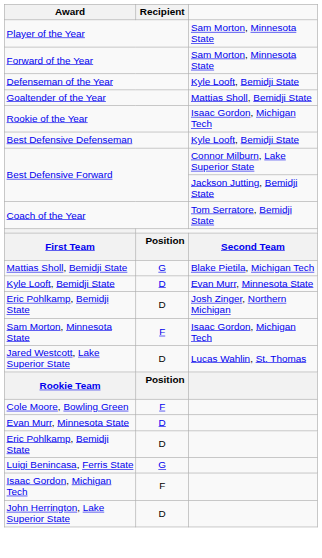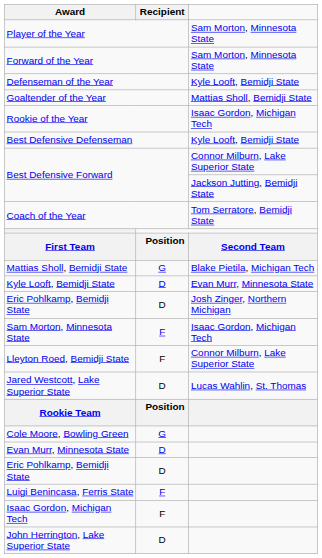 <table class="wikitable" width=40%>
 <tr>
 <th>Award</th>
 <th>Recipient</th>
 </tr>
 <tr>
 <td colspan=2><a href='#'>Player of the Year</a></td>
 <td><a href='#'>Sam Morton</a>, <a href='#'>Minnesota State</a></td>
 </tr>
 <tr>
 <td colspan=2><a href='#'>Forward of the Year</a></td>
 <td><a href='#'>Sam Morton</a>, <a href='#'>Minnesota State</a></td>
 </tr>
 <tr>
 <td colspan=2><a href='#'>Defenseman of the Year</a></td>
 <td><a href='#'>Kyle Looft</a>, <a href='#'>Bemidji State</a></td>
 </tr>
 <tr>
 <td colspan=2><a href='#'>Goaltender of the Year</a></td>
 <td><a href='#'>Mattias Sholl</a>, <a href='#'>Bemidji State</a></td>
 </tr>
 <tr>
 <td colspan=2><a href='#'>Rookie of the Year</a></td>
 <td><a href='#'>Isaac Gordon</a>, <a href='#'>Michigan Tech</a></td>
 </tr>
 <tr>
 <td colspan=2><a href='#'>Best Defensive Defenseman</a></td>
 <td><a href='#'>Kyle Looft</a>, <a href='#'>Bemidji State</a></td>
 </tr>
 <tr>
 <td rowspan=2, colspan=2><a href='#'>Best Defensive Forward</a></td>
 <td><a href='#'>Connor Milburn</a>, <a href='#'>Lake Superior State</a></td>
 </tr>
 <tr>
 <td><a href='#'>Jackson Jutting</a>, <a href='#'>Bemidji State</a></td>
 </tr>
 <tr>
 <td colspan=2><a href='#'>Coach of the Year</a></td>
 <td><a href='#'>Tom Serratore</a>, <a href='#'>Bemidji State</a></td>
 </tr>
 <tr>
 <th><a href='#'></a></th>
 </tr>
 <tr>
 <th><a href='#'>First Team</a></th>
 <th>  Position  </th>
 <th><a href='#'>Second Team</a></th>
 </tr>
 <tr>
 <td><a href='#'>Mattias Sholl</a>, <a href='#'>Bemidji State</a></td>
 <td align=center><a href='#'>G</a></td>
 <td><a href='#'>Blake Pietila</a>, <a href='#'>Michigan Tech</a></td>
 </tr>
 <tr>
 <td><a href='#'>Kyle Looft</a>, <a href='#'>Bemidji State</a></td>
 <td align=center><a href='#'>D</a></td>
 <td><a href='#'>Evan Murr</a>, <a href='#'>Minnesota State</a></td>
 </tr>
 <tr>
 <td><a href='#'>Eric Pohlkamp</a>, <a href='#'>Bemidji State</a></td>
 <td align=center>D</td>
 <td><a href='#'>Josh Zinger</a>, <a href='#'>Northern Michigan</a></td>
 </tr>
 <tr>
 <td><a href='#'>Sam Morton</a>, <a href='#'>Minnesota State</a></td>
 <td align=center><a href='#'>F</a></td>
 <td><a href='#'>Isaac Gordon</a>, <a href='#'>Michigan Tech</a></td>
 </tr>
 <tr>
+<td><a href='#'>Lleyton Roed</a>, <a href='#'>Bemidji State</a></td>
+<td align=center>F</td>
+<td><a href='#'>Connor Milburn</a>, <a href='#'>Lake Superior State</a></td>
+</tr>
+<tr>
 <td><a href='#'>Jared Westcott</a>, <a href='#'>Lake Superior State</a></td>
 <td align=center>D</td>
 <td><a href='#'>Lucas Wahlin</a>, <a href='#'>St. Thomas</a></td>
 </tr>
 <tr>
 <th><a href='#'>Rookie Team</a></th>
 <th>  Position  </th>
 <th></th>
 </tr>
 <tr>
 <td><a href='#'>Cole Moore</a>, <a href='#'>Bowling Green</a></td>
-<td align=center><a href='#'>F</a></td>
+<td align=center><a href='#'>G</a></td>
 <td></td>
 </tr>
 <tr>
 <td><a href='#'>Evan Murr</a>, <a href='#'>Minnesota State</a></td>
 <td align=center><a href='#'>D</a></td>
 <td></td>
 </tr>
 <tr>
 <td><a href='#'>Eric Pohlkamp</a>, <a href='#'>Bemidji State</a></td>
 <td align=center>D</td>
 <td></td>
 </tr>
 <tr>
 <td><a href='#'>Luigi Benincasa</a>, <a href='#'>Ferris State</a></td>
-<td align=center><a href='#'>G</a></td>
+<td align=center><a href='#'>F</a></td>
 <td></td>
 </tr>
 <tr>
 <td><a href='#'>Isaac Gordon</a>, <a href='#'>Michigan Tech</a></td>
 <td align=center>F</td>
 <td></td>
 </tr>
 <tr>
 <td><a href='#'>John Herrington</a>, <a href='#'>Lake Superior State</a></td>
 <td align=center>D</td>
 <td></td>
 </tr>
 </table>
